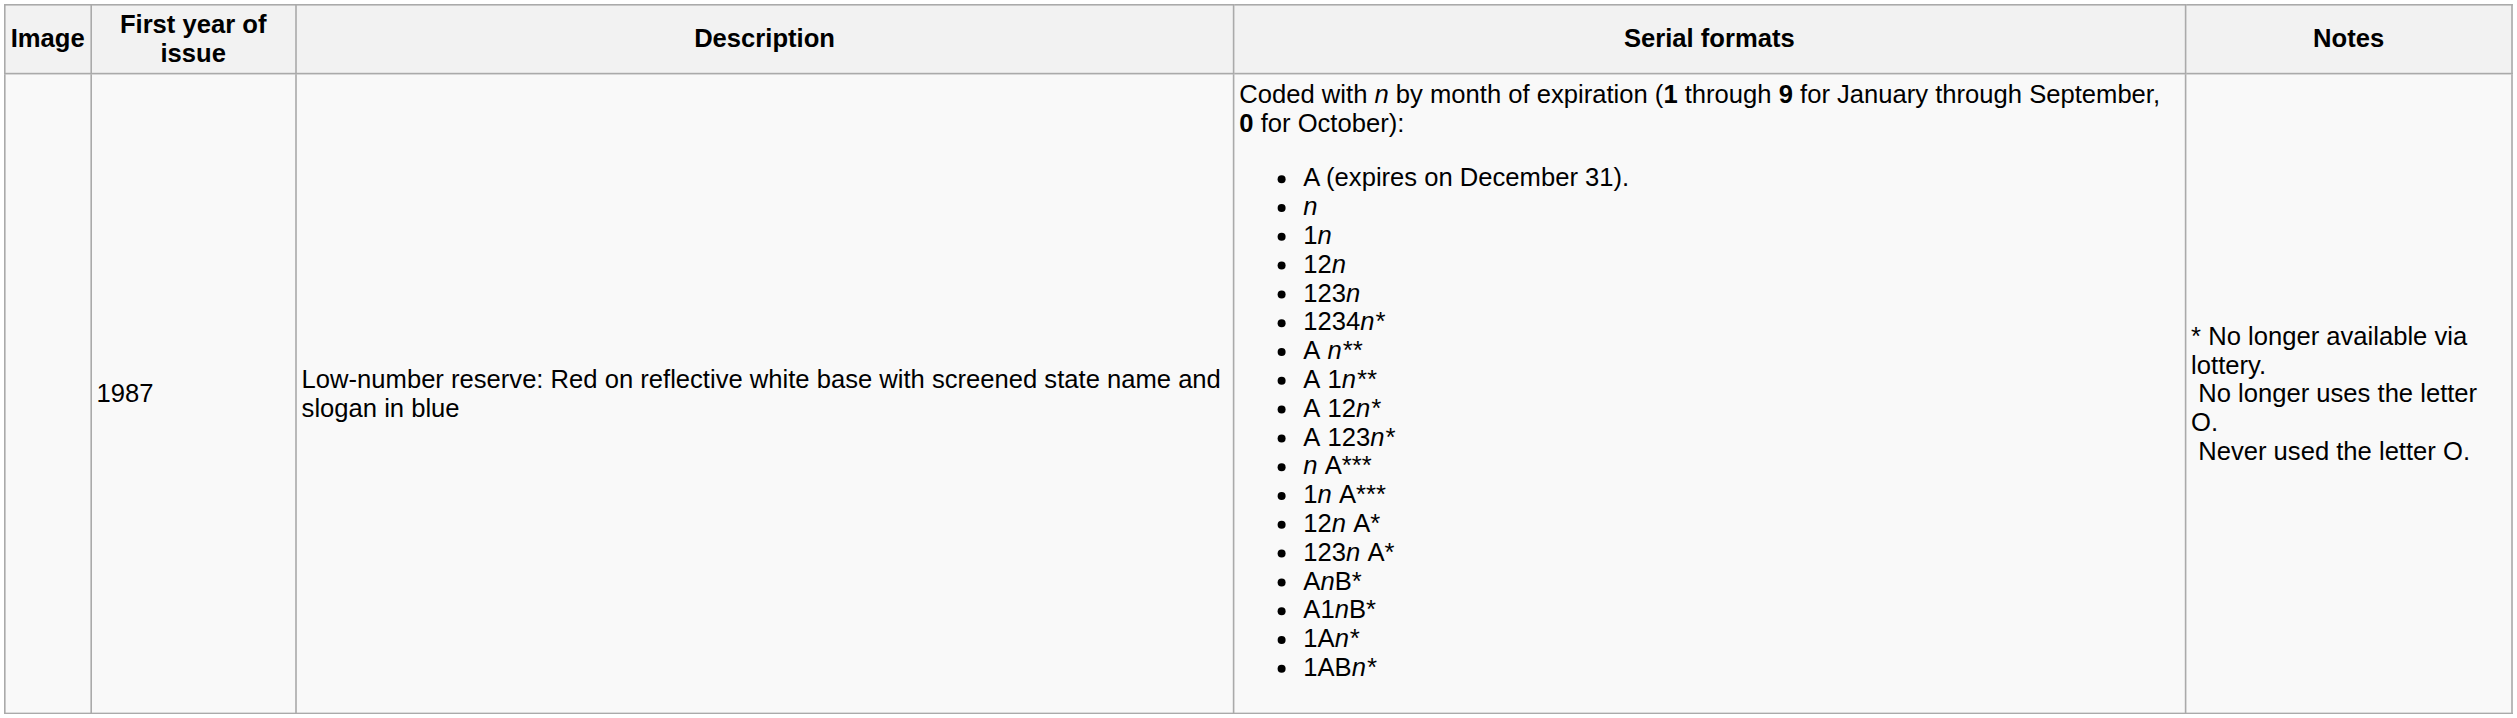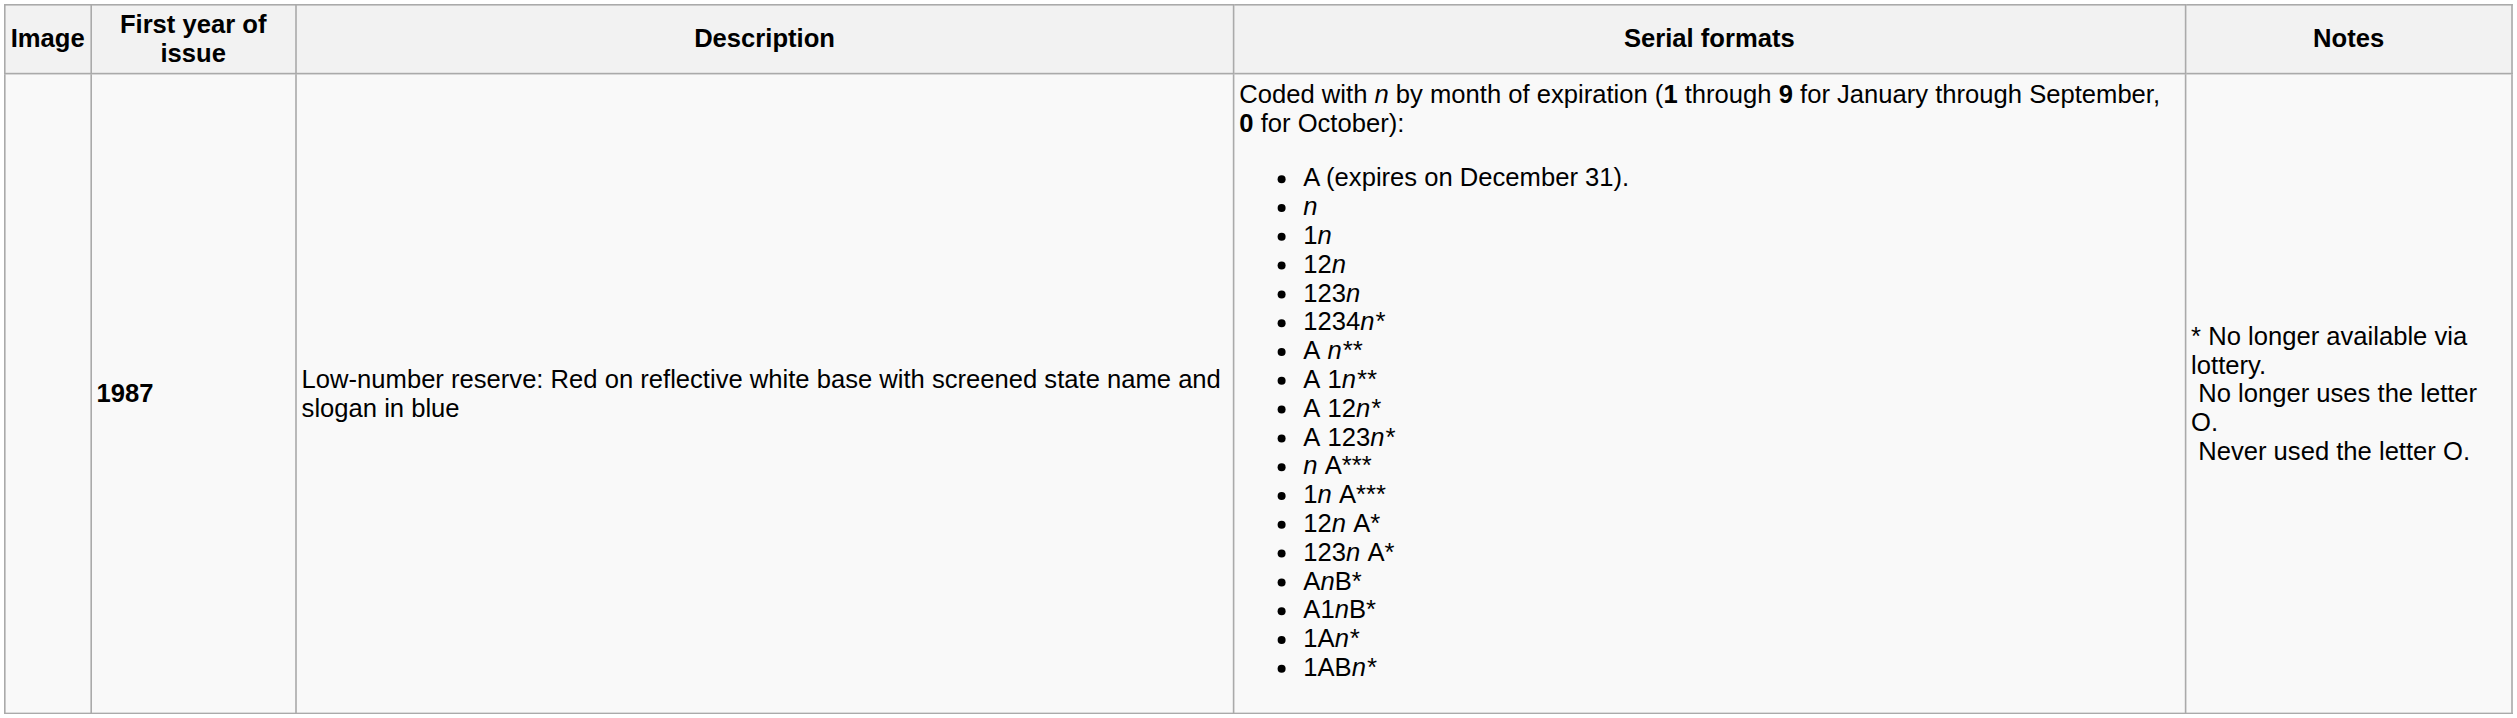 <table class="wikitable">
 <tr>
 <th>Image</th>
 <th>First year of issue</th>
 <th>Description</th>
 <th>Serial formats</th>
 <th>Notes</th>
 </tr>
 <tr>
 <td><br><br></td>
-<td>1987</td>
+<td><strong>1987</strong></td>
 <td>Low-number reserve: Red on reflective white base with screened state name and slogan in blue</td>
 <td>Coded with <em>n</em> by month of expiration (<strong>1</strong> through <strong>9</strong> for January through September, <strong>0</strong> for October):<br><ul><li>A (expires on December 31).</li><li><em>n</em></li><li>1<em>n</em></li><li>12<em>n</em></li><li>123<em>n</em></li><li>1234<em>n*</em></li><li>A <em>n**</em></li><li>A 1<em>n**</em></li><li>A 12<em>n*</em></li><li>A 123<em>n*</em></li><li><em>n</em> A***</li><li>1<em>n</em> A***</li><li>12<em>n</em> A*</li><li>123<em>n</em> A*</li><li>A<em>n</em>B*</li><li>A1<em>n</em>B*</li><li>1A<em>n*</em></li><li>1AB<em>n*</em></li></ul></td>
 <td>* No longer available via lottery.<br> No longer uses the letter O.<br> Never used the letter O.</td>
 </tr>
 <tr>
 </tr>
 </table>
